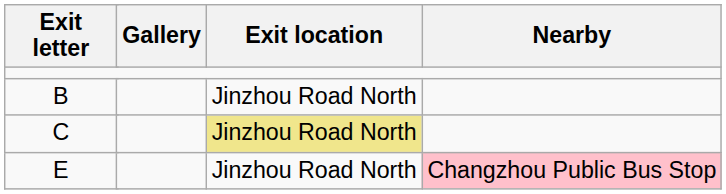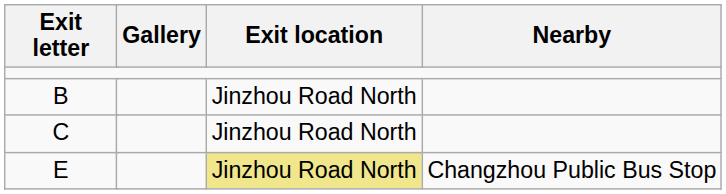 <table class="wikitable">
 <tr>
 <th colspan=2 style="width:70px">Exit letter</th>
 <th>Gallery</th>
 <th>Exit location</th>
 <th>Nearby</th>
 </tr>
 <tr style="background:#">
 <td colspan = "6"></td>
 </tr>
 <tr>
 <td colspan=2 align=center>B</td>
 <td></td>
 <td>Jinzhou Road North</td>
 <td></td>
 </tr>
 <tr>
 <td colspan=2 align=center>C</td>
 <td></td>
-<td style="background: khaki;">Jinzhou Road North</td>
+<td>Jinzhou Road North</td>
 <td></td>
 </tr>
 <tr>
 <td colspan=2 align=center>E</td>
 <td></td>
-<td>Jinzhou Road North</td>
-<td style="background: pink;">Changzhou Public Bus Stop</td>
+<td style="background: khaki;">Jinzhou Road North</td>
+<td>Changzhou Public Bus Stop</td>
 </tr>
 </table>
